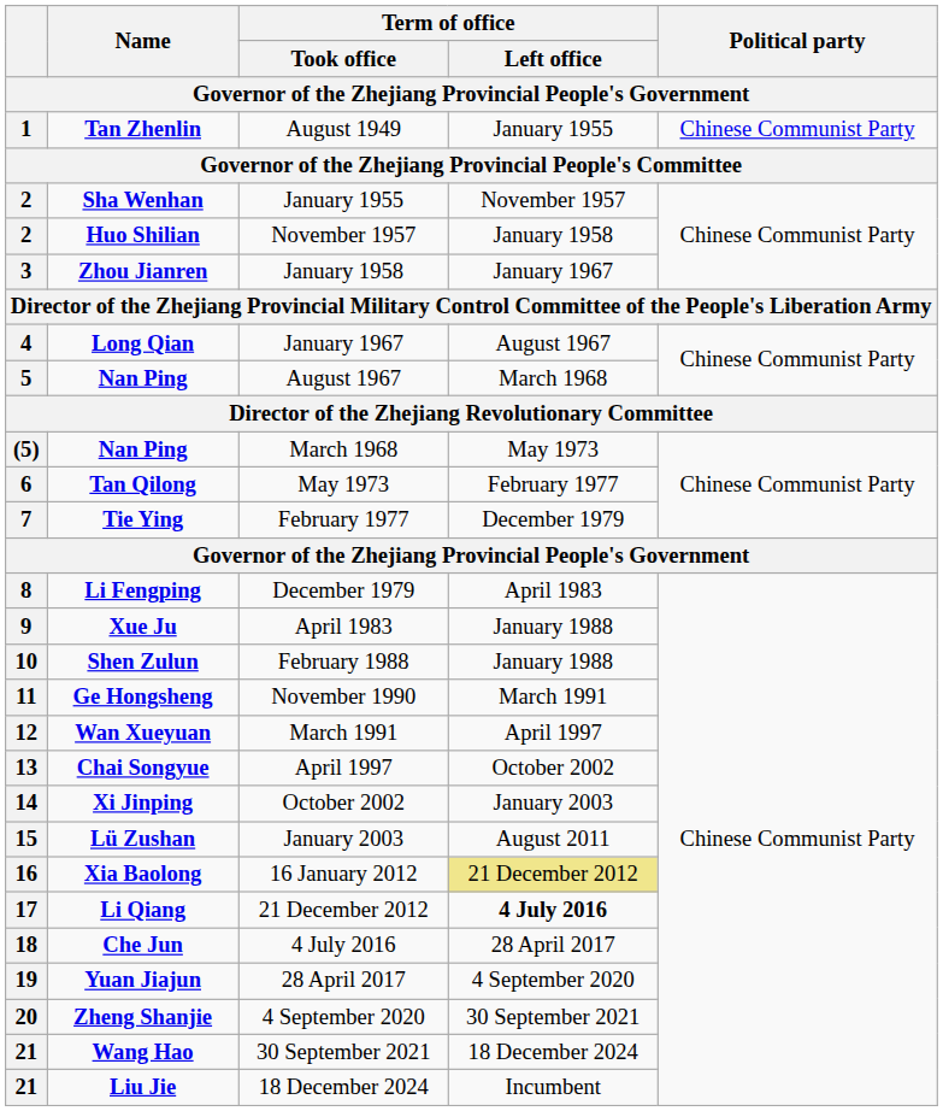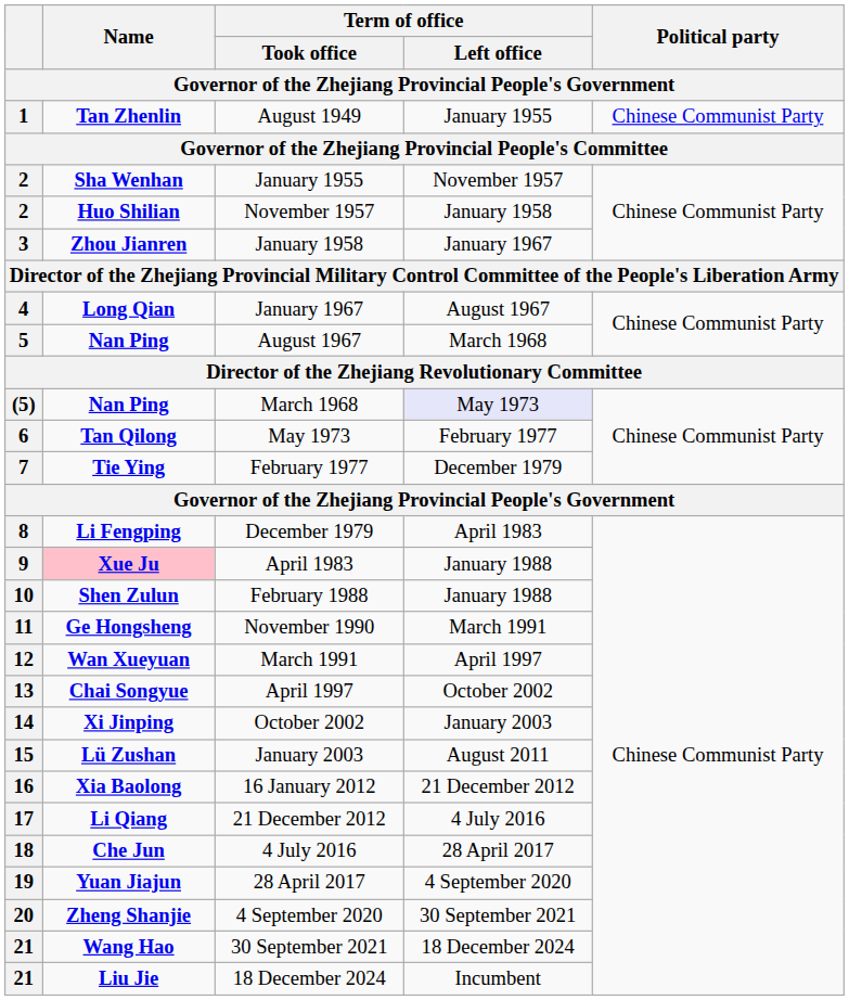 <table class="wikitable" style="text-align:center">
 <tr>
 <th rowspan="2"></th>
 <th rowspan="2" width="130">Name<br></th>
 <th colspan="2">Term of office</th>
 <th rowspan="2">Political party</th>
 </tr>
 <tr>
 <th>Took office</th>
 <th>Left office</th>
 </tr>
 <tr>
 <th colspan="5">Governor of the Zhejiang Provincial People's Government</th>
 </tr>
 <tr>
 <th>1</th>
 <td><strong><a href='#'>Tan Zhenlin</a></strong><br></td>
 <td>August 1949</td>
 <td>January 1955</td>
 <td><a href='#'>Chinese Communist Party</a></td>
 </tr>
 <tr>
 <th colspan="5">Governor of the Zhejiang Provincial People's Committee</th>
 </tr>
 <tr>
 <th>2</th>
 <td><strong><a href='#'>Sha Wenhan</a></strong><br></td>
 <td>January 1955</td>
 <td>November 1957</td>
 <td rowspan="3">Chinese Communist Party</td>
 </tr>
 <tr>
 <th>2</th>
 <td><strong><a href='#'>Huo Shilian</a></strong><br></td>
 <td>November 1957</td>
 <td>January 1958</td>
 </tr>
 <tr>
 <th>3</th>
 <td><strong><a href='#'>Zhou Jianren</a></strong><br></td>
 <td>January 1958</td>
 <td>January 1967</td>
 </tr>
 <tr>
 <th colspan="5">Director of the Zhejiang Provincial Military Control Committee of the People's Liberation Army</th>
 </tr>
 <tr>
 <th>4</th>
 <td><strong><a href='#'>Long Qian</a></strong><br></td>
 <td>January 1967</td>
 <td>August 1967</td>
 <td rowspan="2">Chinese Communist Party</td>
 </tr>
 <tr>
 <th>5</th>
 <td><strong><a href='#'>Nan Ping</a></strong><br></td>
 <td>August 1967</td>
 <td>March 1968</td>
 </tr>
 <tr>
 <th colspan="5">Director of the Zhejiang Revolutionary Committee</th>
 </tr>
 <tr>
 <th>(5)</th>
 <td><strong><a href='#'>Nan Ping</a></strong><br></td>
 <td>March 1968</td>
-<td>May 1973</td>
+<td style="background: lavender;">May 1973</td>
 <td rowspan="3">Chinese Communist Party</td>
 </tr>
 <tr>
 <th>6</th>
 <td><strong><a href='#'>Tan Qilong</a></strong><br></td>
 <td>May 1973</td>
 <td>February 1977</td>
 </tr>
 <tr>
 <th>7</th>
 <td><strong><a href='#'>Tie Ying</a></strong><br></td>
 <td>February 1977</td>
 <td>December 1979</td>
 </tr>
 <tr>
 <th colspan="5">Governor of the Zhejiang Provincial People's Government</th>
 </tr>
 <tr>
 <th>8</th>
 <td><strong><a href='#'>Li Fengping</a></strong><br></td>
 <td>December 1979</td>
 <td>April 1983</td>
 <td rowspan="15">Chinese Communist Party</td>
 </tr>
 <tr>
 <th>9</th>
-<td><a href='#'><strong>Xue Ju</strong></a><br></td>
+<td style="background: pink;"><a href='#'><strong>Xue Ju</strong></a><br></td>
 <td>April 1983</td>
 <td>January 1988</td>
 </tr>
 <tr>
 <th>10</th>
 <td><strong><a href='#'>Shen Zulun</a></strong><br></td>
 <td>February 1988</td>
 <td>January 1988</td>
 </tr>
 <tr>
 <th>11</th>
 <td><strong><a href='#'>Ge Hongsheng</a></strong><br></td>
 <td>November 1990</td>
 <td>March 1991</td>
 </tr>
 <tr>
 <th>12</th>
 <td><strong><a href='#'>Wan Xueyuan</a></strong><br></td>
 <td>March 1991</td>
 <td>April 1997</td>
 </tr>
 <tr>
 <th>13</th>
 <td><strong><a href='#'>Chai Songyue</a></strong><br></td>
 <td>April 1997</td>
 <td>October 2002</td>
 </tr>
 <tr>
 <th>14</th>
 <td><strong><a href='#'>Xi Jinping</a></strong><br></td>
 <td>October 2002</td>
 <td>January 2003</td>
 </tr>
 <tr>
 <th>15</th>
 <td><strong><a href='#'>Lü Zushan</a></strong><br></td>
 <td>January 2003</td>
 <td>August 2011</td>
 </tr>
 <tr>
 <th>16</th>
 <td><strong><a href='#'>Xia Baolong</a></strong><br></td>
 <td>16 January 2012</td>
-<td style="background: khaki;">21 December 2012</td>
+<td>21 December 2012</td>
 </tr>
 <tr>
 <th>17</th>
 <td><strong><a href='#'>Li Qiang</a></strong><br></td>
 <td>21 December 2012</td>
-<td><strong>4 July 2016</strong></td>
+<td>4 July 2016</td>
 </tr>
 <tr>
 <th>18</th>
 <td><strong><a href='#'>Che Jun</a></strong><br></td>
 <td>4 July 2016</td>
 <td>28 April 2017</td>
 </tr>
 <tr>
 <th>19</th>
 <td><strong><a href='#'>Yuan Jiajun</a></strong><br></td>
 <td>28 April 2017</td>
 <td>4 September 2020</td>
 </tr>
 <tr>
 <th>20</th>
 <td><strong><a href='#'>Zheng Shanjie</a></strong><br></td>
 <td>4 September 2020</td>
 <td>30 September 2021</td>
 </tr>
 <tr>
 <th>21</th>
 <td><a href='#'><strong>Wang Hao</strong></a><br></td>
 <td>30 September 2021</td>
 <td>18 December 2024</td>
 </tr>
 <tr>
 <th>21</th>
 <td><a href='#'><strong>Liu Jie</strong></a><br></td>
 <td>18 December 2024</td>
 <td>Incumbent</td>
 </tr>
 </table>
